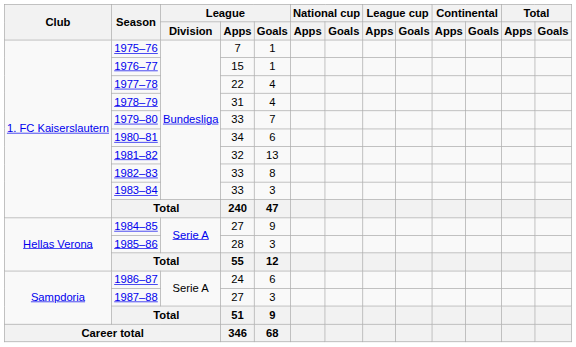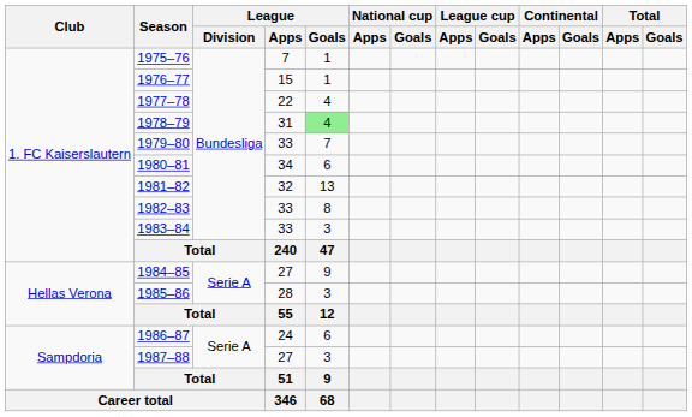 <table class="wikitable" style="text-align:center">
 <tr>
 <th rowspan="2">Club</th>
 <th rowspan="2">Season</th>
 <th colspan="3">League</th>
 <th colspan="2">National cup</th>
 <th colspan="2">League cup</th>
 <th colspan="2">Continental</th>
 <th colspan="2">Total</th>
 </tr>
 <tr>
 <th>Division</th>
 <th>Apps</th>
 <th>Goals</th>
 <th>Apps</th>
 <th>Goals</th>
 <th>Apps</th>
 <th>Goals</th>
 <th>Apps</th>
 <th>Goals</th>
 <th>Apps</th>
 <th>Goals</th>
 </tr>
 <tr>
 <td rowspan="10"><a href='#'>1. FC Kaiserslautern</a></td>
 <td><a href='#'>1975–76</a></td>
 <td rowspan="9"><a href='#'>Bundesliga</a></td>
 <td>7</td>
 <td>1</td>
 <td></td>
 <td></td>
 <td></td>
 <td></td>
 <td></td>
 <td></td>
 <td></td>
 <td></td>
 </tr>
 <tr>
 <td><a href='#'>1976–77</a></td>
 <td>15</td>
 <td>1</td>
 <td></td>
 <td></td>
 <td></td>
 <td></td>
 <td></td>
 <td></td>
 <td></td>
 <td></td>
 </tr>
 <tr>
 <td><a href='#'>1977–78</a></td>
 <td>22</td>
 <td>4</td>
 <td></td>
 <td></td>
 <td></td>
 <td></td>
 <td></td>
 <td></td>
 <td></td>
 <td></td>
 </tr>
 <tr>
 <td><a href='#'>1978–79</a></td>
 <td>31</td>
-<td>4</td>
+<td style="background: lightgreen;">4</td>
 <td></td>
 <td></td>
 <td></td>
 <td></td>
 <td></td>
 <td></td>
 <td></td>
 <td></td>
 </tr>
 <tr>
 <td><a href='#'>1979–80</a></td>
 <td>33</td>
 <td>7</td>
 <td></td>
 <td></td>
 <td></td>
 <td></td>
 <td></td>
 <td></td>
 <td></td>
 <td></td>
 </tr>
 <tr>
 <td><a href='#'>1980–81</a></td>
 <td>34</td>
 <td>6</td>
 <td></td>
 <td></td>
 <td></td>
 <td></td>
 <td></td>
 <td></td>
 <td></td>
 <td></td>
 </tr>
 <tr>
 <td><a href='#'>1981–82</a></td>
 <td>32</td>
 <td>13</td>
 <td></td>
 <td></td>
 <td></td>
 <td></td>
 <td></td>
 <td></td>
 <td></td>
 <td></td>
 </tr>
 <tr>
 <td><a href='#'>1982–83</a></td>
 <td>33</td>
 <td>8</td>
 <td></td>
 <td></td>
 <td></td>
 <td></td>
 <td></td>
 <td></td>
 <td></td>
 <td></td>
 </tr>
 <tr>
 <td><a href='#'>1983–84</a></td>
 <td>33</td>
 <td>3</td>
 <td></td>
 <td></td>
 <td></td>
 <td></td>
 <td></td>
 <td></td>
 <td></td>
 <td></td>
 </tr>
 <tr>
 <th colspan="2">Total</th>
 <th>240</th>
 <th>47</th>
 <th></th>
 <th></th>
 <th></th>
 <th></th>
 <th></th>
 <th></th>
 <th></th>
 <th></th>
 </tr>
 <tr>
 <td rowspan="3"><a href='#'>Hellas Verona</a></td>
 <td><a href='#'>1984–85</a></td>
 <td rowspan="2"><a href='#'>Serie A</a></td>
 <td>27</td>
 <td>9</td>
 <td></td>
 <td></td>
 <td></td>
 <td></td>
 <td></td>
 <td></td>
 <td></td>
 <td></td>
 </tr>
 <tr>
 <td><a href='#'>1985–86</a></td>
 <td>28</td>
 <td>3</td>
 <td></td>
 <td></td>
 <td></td>
 <td></td>
 <td></td>
 <td></td>
 <td></td>
 <td></td>
 </tr>
 <tr>
 <th colspan="2">Total</th>
 <th>55</th>
 <th>12</th>
 <th></th>
 <th></th>
 <th></th>
 <th></th>
 <th></th>
 <th></th>
 <th></th>
 <th></th>
 </tr>
 <tr>
 <td rowspan="3"><a href='#'>Sampdoria</a></td>
 <td><a href='#'>1986–87</a></td>
 <td rowspan="2">Serie A</td>
 <td>24</td>
 <td>6</td>
 <td></td>
 <td></td>
 <td></td>
 <td></td>
 <td></td>
 <td></td>
 <td></td>
 <td></td>
 </tr>
 <tr>
 <td><a href='#'>1987–88</a></td>
 <td>27</td>
 <td>3</td>
 <td></td>
 <td></td>
 <td></td>
 <td></td>
 <td></td>
 <td></td>
 <td></td>
 <td></td>
 </tr>
 <tr>
 <th colspan="2">Total</th>
 <th>51</th>
 <th>9</th>
 <th></th>
 <th></th>
 <th></th>
 <th></th>
 <th></th>
 <th></th>
 <th></th>
 <th></th>
 </tr>
 <tr>
 <th colspan="3">Career total</th>
 <th>346</th>
 <th>68</th>
 <th></th>
 <th></th>
 <th></th>
 <th></th>
 <th></th>
 <th></th>
 <th></th>
 <th></th>
 </tr>
 </table>
